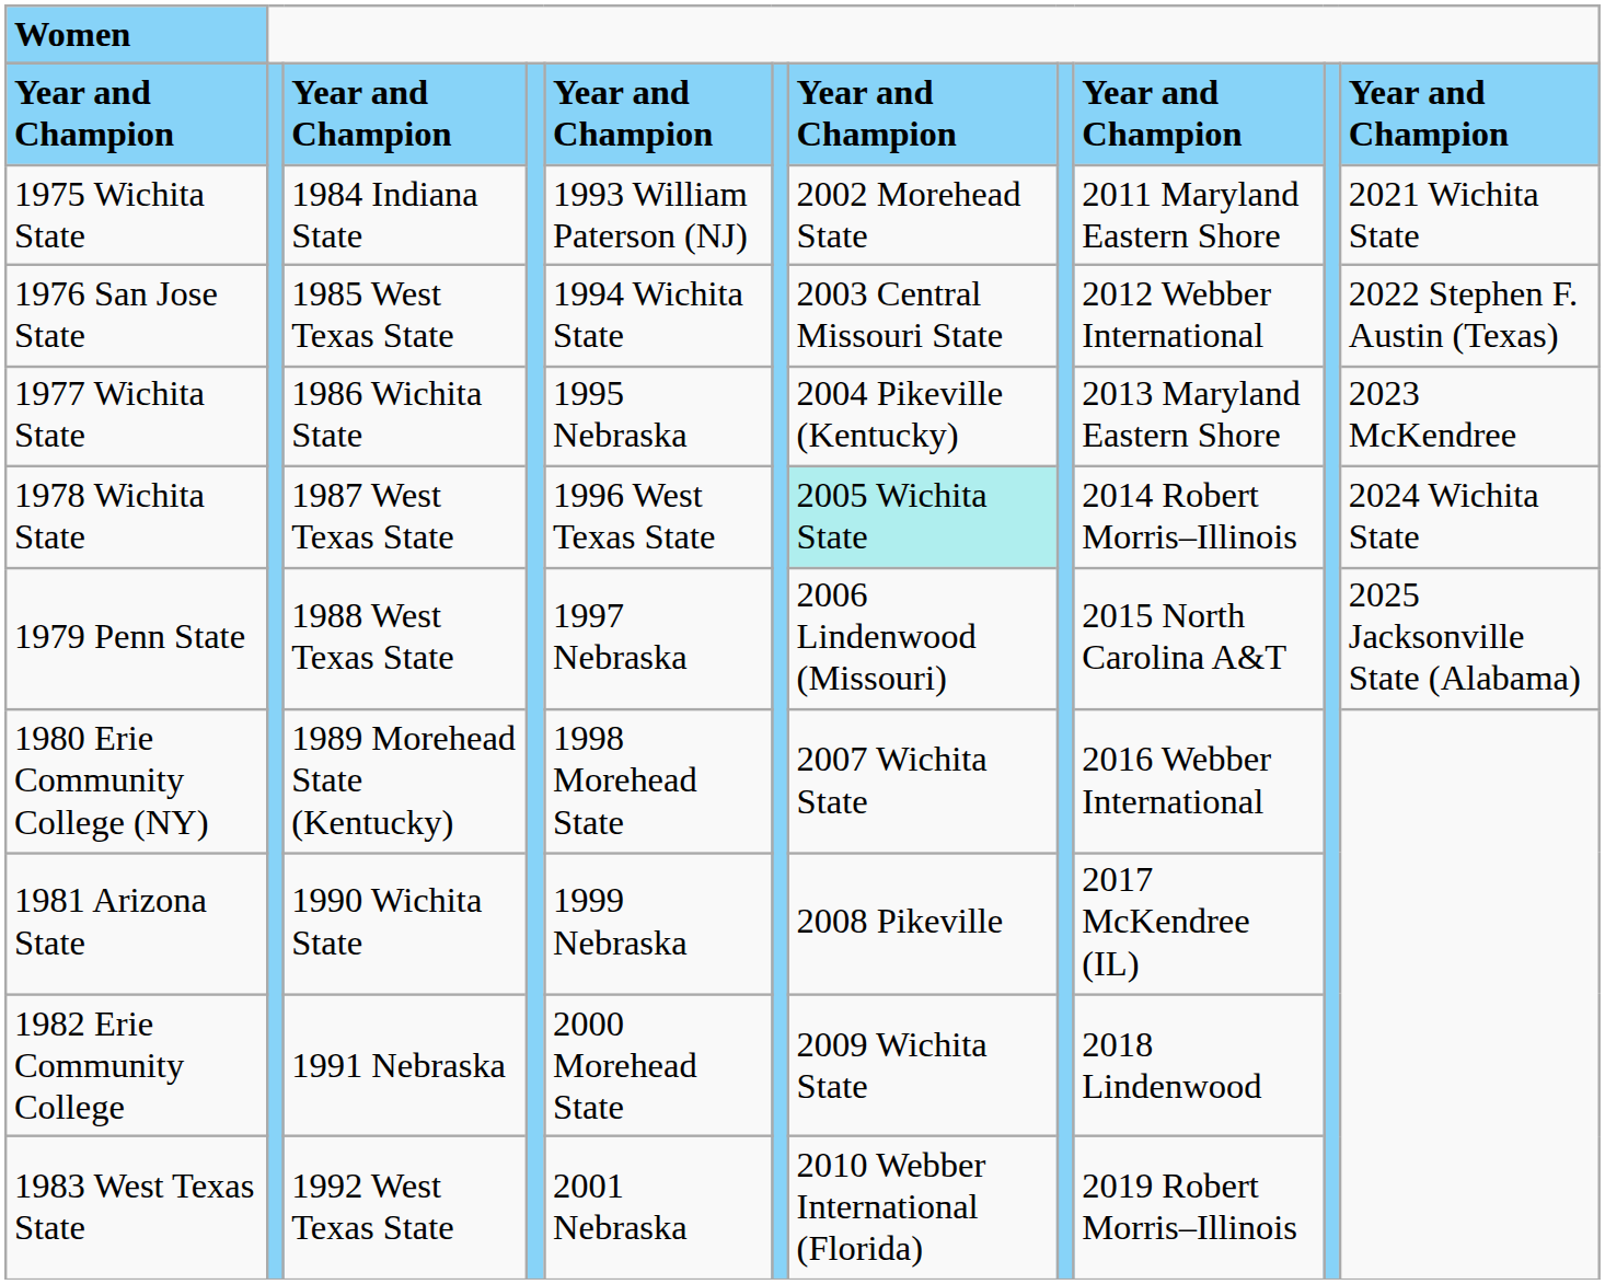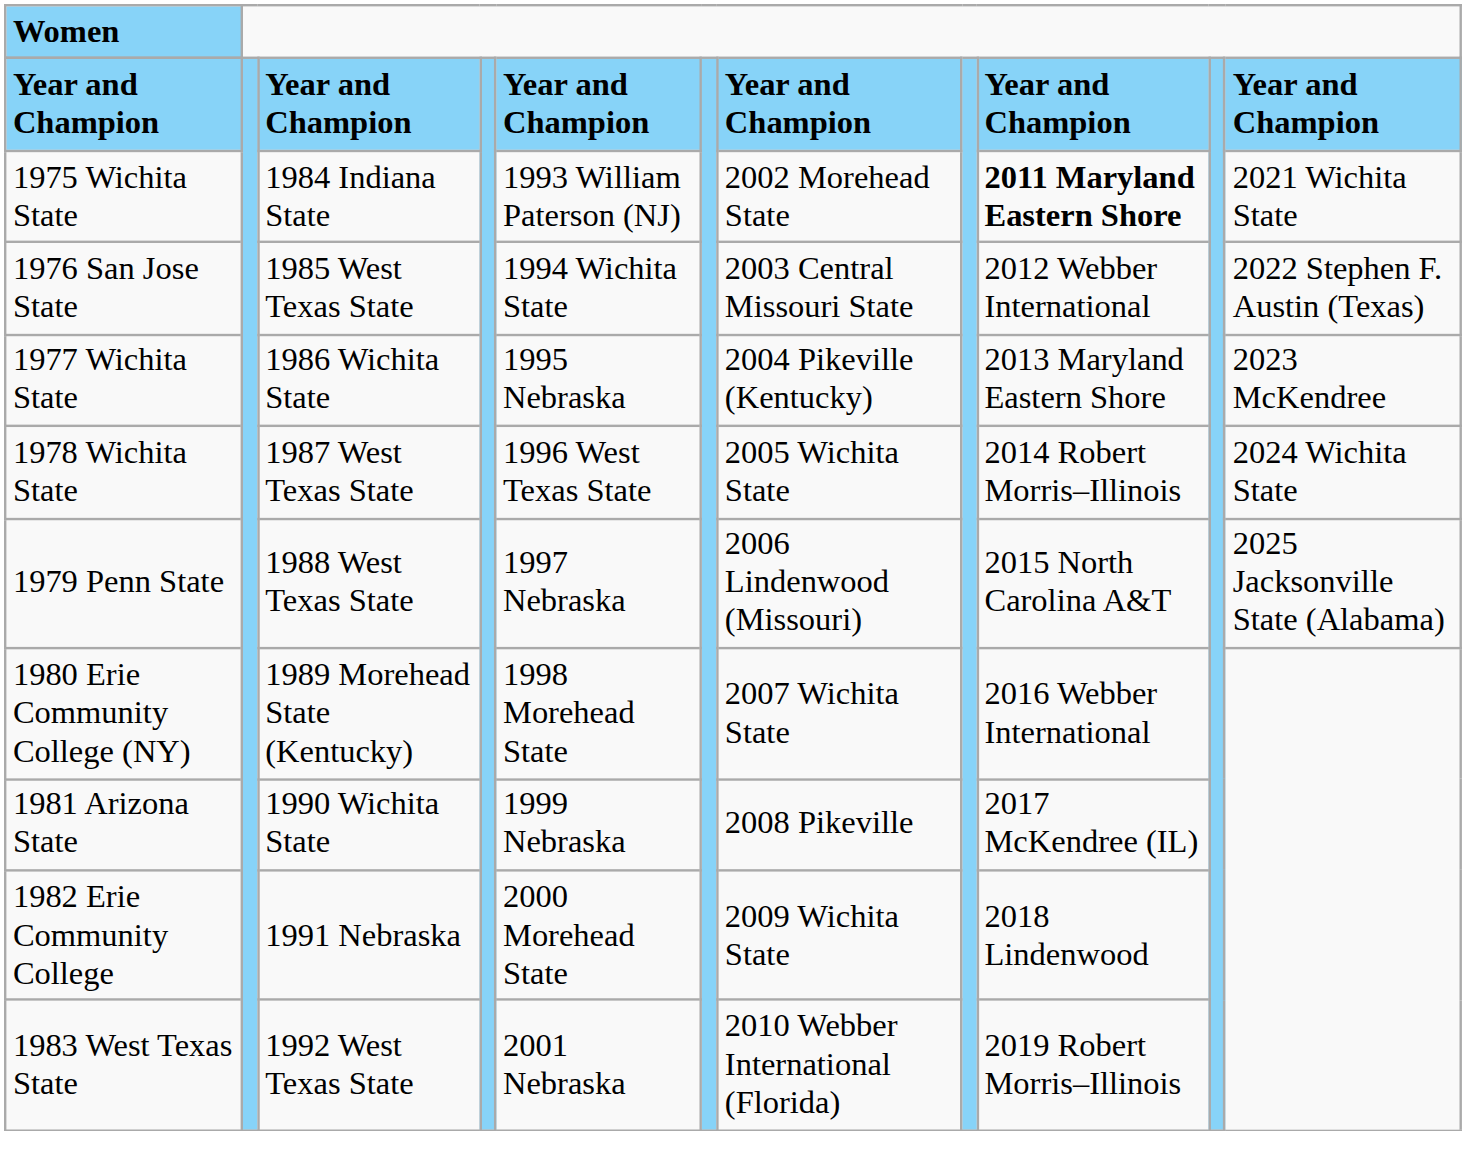 <table class="wikitable" style="font-size:85%;">
 <tr ! style="background-color: #87D3F8;">
 <td><strong>Women</strong></td>
 </tr>
 <tr>
 </tr>
 <tr>
 </tr>
 <tr>
 </tr>
 <tr>
 </tr>
 <tr --->
 </tr>
 <tr ! style="background-color: #87D3F8;">
 <td><strong>Year and Champion</strong></td>
 <td rowspan=10></td>
 <td><strong>Year and Champion</strong></td>
 <td rowspan=10></td>
 <td><strong>Year and Champion</strong></td>
 <td rowspan=10></td>
 <td><strong>Year and Champion</strong></td>
 <td rowspan=10></td>
 <td><strong>Year and Champion</strong></td>
 <td rowspan=10></td>
 <td><strong>Year and Champion</strong></td>
 </tr>
 <tr --->
 <td>1975 Wichita State</td>
 <td>1984 Indiana State</td>
 <td>1993 William Paterson (NJ)</td>
 <td>2002 Morehead State</td>
-<td>2011 Maryland Eastern Shore</td>
+<td><strong>2011 Maryland Eastern Shore</strong></td>
 <td>2021 Wichita State</td>
 </tr>
 <tr --->
 <td>1976 San Jose State</td>
 <td>1985 West Texas State</td>
 <td>1994 Wichita State</td>
 <td>2003 Central Missouri State</td>
 <td>2012 Webber International</td>
 <td>2022 Stephen F. Austin (Texas)</td>
 </tr>
 <tr --->
 <td>1977 Wichita State</td>
 <td>1986 Wichita State</td>
 <td>1995 Nebraska</td>
 <td>2004 Pikeville (Kentucky)</td>
 <td>2013 Maryland Eastern Shore</td>
 <td>2023 McKendree</td>
 </tr>
 <tr --->
 <td>1978 Wichita State</td>
 <td>1987 West Texas State</td>
 <td>1996 West Texas State</td>
-<td style="background: paleturquoise;">2005 Wichita State</td>
+<td>2005 Wichita State</td>
 <td>2014 Robert Morris–Illinois</td>
 <td>2024 Wichita State</td>
 </tr>
 <tr --->
 <td>1979 Penn State</td>
 <td>1988 West Texas State</td>
 <td>1997 Nebraska</td>
 <td>2006 Lindenwood (Missouri)</td>
 <td>2015 North Carolina A&T</td>
 <td>2025 Jacksonville State (Alabama)</td>
 </tr>
 <tr --->
 <td>1980 Erie Community College (NY)</td>
 <td>1989 Morehead State (Kentucky)</td>
 <td>1998 Morehead State</td>
 <td>2007 Wichita State</td>
 <td>2016 Webber International</td>
 </tr>
 <tr --->
 <td>1981 Arizona State</td>
 <td>1990 Wichita State</td>
 <td>1999 Nebraska</td>
 <td>2008 Pikeville</td>
 <td>2017 McKendree (IL)</td>
 </tr>
 <tr --->
 <td>1982 Erie Community College</td>
 <td>1991 Nebraska</td>
 <td>2000 Morehead State</td>
 <td>2009 Wichita State</td>
 <td>2018 Lindenwood</td>
 </tr>
 <tr --->
 <td>1983 West Texas State</td>
 <td>1992 West Texas State</td>
 <td>2001 Nebraska</td>
 <td>2010 Webber International (Florida)</td>
 <td>2019 Robert Morris–Illinois</td>
 </tr>
 <tr --->
 </tr>
 </table>
